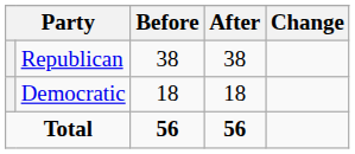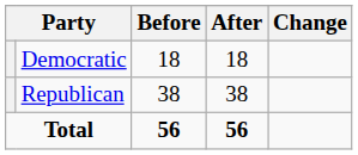 <table class="wikitable" style="text-align:center;">
 <tr>
 </tr>
 <tr>
 <th colspan=2>Party</th>
 <th>Before</th>
 <th>After</th>
 <th>Change</th>
 </tr>
 <tr>
 <th style="background-color:"></th>
-<td style="text-align:left;"><a href='#'>Republican</a></td>
-<td>38</td>
-<td>38</td>
+<td style="text-align:left;"><a href='#'>Democratic</a></td>
+<td>18</td>
+<td>18</td>
 <td></td>
 </tr>
 <tr>
 <th style="background-color:"></th>
-<td style="text-align:left;"><a href='#'>Democratic</a></td>
-<td>18</td>
-<td>18</td>
+<td style="text-align:left;"><a href='#'>Republican</a></td>
+<td>38</td>
+<td>38</td>
 <td></td>
 </tr>
 <tr>
 <td colspan=2><strong>Total</strong></td>
 <td><strong>56</strong></td>
 <td><strong>56</strong></td>
 <td></td>
 </tr>
 </table>
